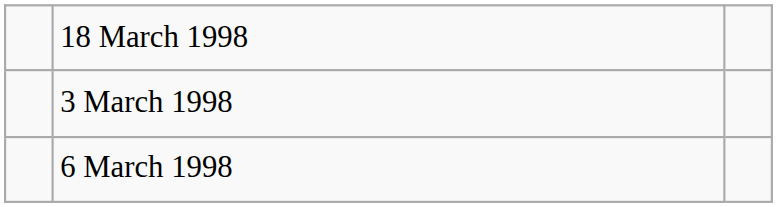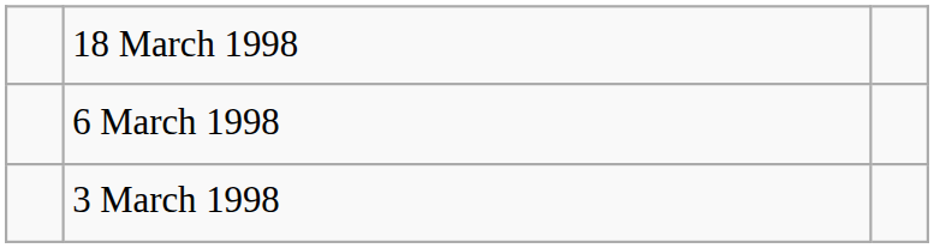 <table class="wikitable" style="font-size: 89%; float: left; width: 25em; margin-right: 1em; line-height: 1.65em !important;">
 <tr>
 <td></td>
 <td>18 March 1998</td>
 <td></td>
 </tr>
 <tr>
 <td></td>
-<td>3 March 1998</td>
+<td>6 March 1998</td>
 <td></td>
 </tr>
 <tr>
 <td></td>
-<td>6 March 1998</td>
+<td>3 March 1998</td>
 <td></td>
 </tr>
 </table>
